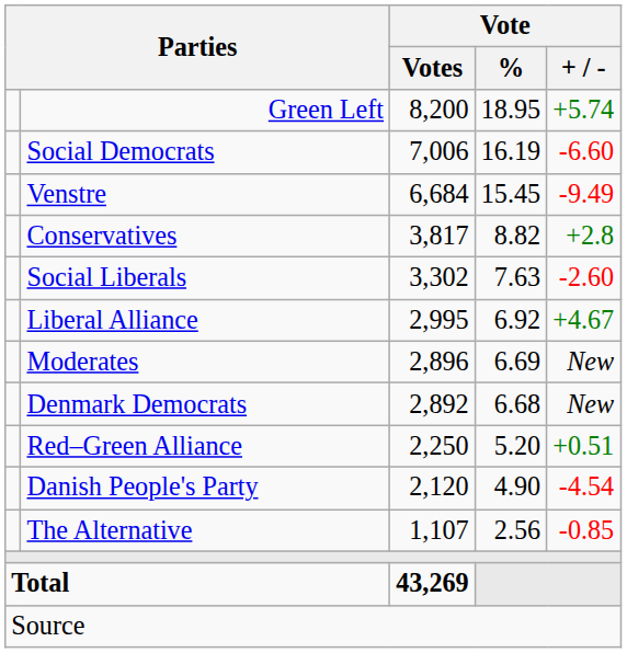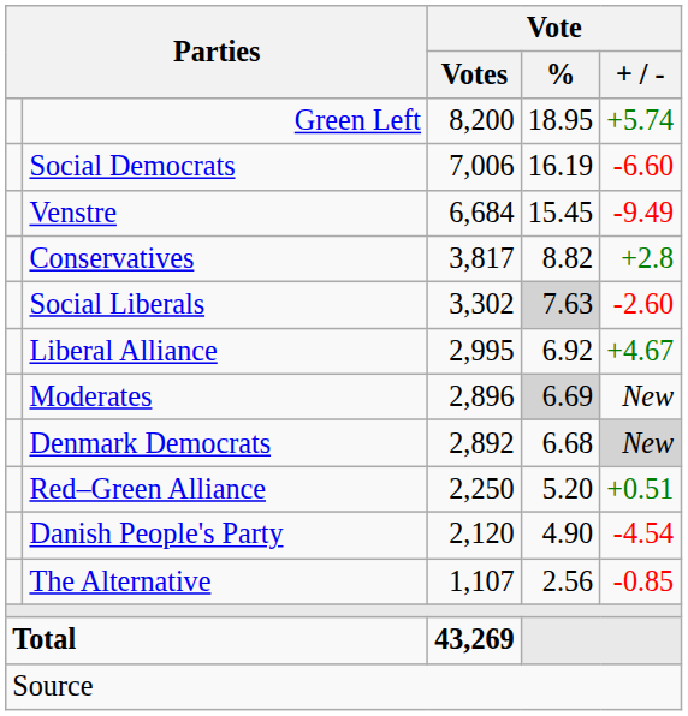 <table class="wikitable" style="text-align:right;">
 <tr>
 <th style="text-align:centre;" rowspan="2" colspan="2" width="225">Parties</th>
 <th colspan="3">Vote</th>
 </tr>
 <tr>
 <th width="15">Votes</th>
 <th width="15">%</th>
 <th width="15">+ / -</th>
 </tr>
 <tr>
 <td width=2 bgcolor=></td>
 <td><a href='#'>Green Left</a></td>
 <td>8,200</td>
 <td>18.95</td>
 <td style=color:green;>+5.74</td>
 </tr>
 <tr>
 <td width=2 bgcolor=></td>
 <td align=left><a href='#'>Social Democrats</a></td>
 <td>7,006</td>
 <td>16.19</td>
 <td style=color:red;>-6.60</td>
 </tr>
 <tr>
 <td width=2 bgcolor=></td>
 <td align=left><a href='#'>Venstre</a></td>
 <td>6,684</td>
 <td>15.45</td>
 <td style=color:red;>-9.49</td>
 </tr>
 <tr>
 <td width=2 bgcolor=></td>
 <td align=left><a href='#'>Conservatives</a></td>
 <td>3,817</td>
 <td>8.82</td>
 <td style=color:green;>+2.8</td>
 </tr>
 <tr>
 <td width=2 bgcolor=></td>
 <td align=left><a href='#'>Social Liberals</a></td>
 <td>3,302</td>
-<td>7.63</td>
+<td style="background: lightgrey;">7.63</td>
 <td style=color:red;>-2.60</td>
 </tr>
 <tr>
 <td width=2 bgcolor=></td>
 <td align=left><a href='#'>Liberal Alliance</a></td>
 <td>2,995</td>
 <td>6.92</td>
 <td style=color:green;>+4.67</td>
 </tr>
 <tr>
 <td width=2 bgcolor=></td>
 <td align=left><a href='#'>Moderates</a></td>
 <td>2,896</td>
-<td>6.69</td>
+<td style="background: lightgrey;">6.69</td>
 <td><em>New</em></td>
 </tr>
 <tr>
 <td width=2 bgcolor=></td>
 <td align=left><a href='#'>Denmark Democrats</a></td>
 <td>2,892</td>
 <td>6.68</td>
-<td><em>New</em></td>
+<td style="background: lightgrey;"><em>New</em></td>
 </tr>
 <tr>
 <td width=2 bgcolor=></td>
 <td align=left><a href='#'>Red–Green Alliance</a></td>
 <td>2,250</td>
 <td>5.20</td>
 <td style=color:green;>+0.51</td>
 </tr>
 <tr>
 <td width=2 bgcolor=></td>
 <td align=left><a href='#'>Danish People's Party</a></td>
 <td>2,120</td>
 <td>4.90</td>
 <td style=color:red;>-4.54</td>
 </tr>
 <tr>
 <td width=2 bgcolor=></td>
 <td align=left><a href='#'>The Alternative</a></td>
 <td>1,107</td>
 <td>2.56</td>
 <td style=color:red;>-0.85</td>
 </tr>
 <tr>
 <td colspan="7" bgcolor="#E9E9E9"></td>
 </tr>
 <tr>
 <td align="left" colspan="2"><strong>Total</strong></td>
 <td><strong>43,269</strong></td>
 <td bgcolor=#E9E9E9 colspan=2></td>
 </tr>
 <tr>
 <td align="left" colspan="6">Source</td>
 </tr>
 </table>
